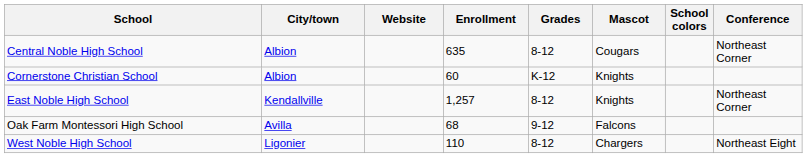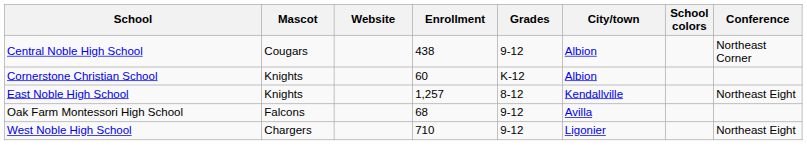 <table class="wikitable sortable" width="70%">
 <tr>
 <th width="20%">School</th>
-<th width="08%">City/town</th>
+<th width="04%">Mascot</th>
 <th width="06%">Website</th>
 <th width="04%">Enrollment</th>
 <th width="04%">Grades</th>
-<th width="04%">Mascot</th>
+<th width="08%">City/town</th>
 <th width=01%>School colors</th>
 <th width="04%">Conference</th>
 </tr>
 <tr>
 <td><a href='#'>Central Noble High School</a></td>
+<td>Cougars</td>
+<td></td>
+<td>438</td>
+<td>9-12</td>
 <td><a href='#'>Albion</a></td>
-<td></td>
-<td>635</td>
-<td>8-12</td>
-<td>Cougars</td>
 <td> </td>
 <td>Northeast Corner</td>
 </tr>
 <tr>
 <td><a href='#'>Cornerstone Christian School</a></td>
-<td><a href='#'>Albion</a></td>
+<td>Knights</td>
 <td></td>
 <td>60</td>
 <td>K-12</td>
-<td>Knights</td>
+<td><a href='#'>Albion</a></td>
 <td></td>
 <td></td>
 </tr>
 <tr>
 <td><a href='#'>East Noble High School</a></td>
-<td><a href='#'>Kendallville</a></td>
+<td>Knights</td>
 <td></td>
 <td>1,257</td>
 <td>8-12</td>
-<td>Knights</td>
+<td><a href='#'>Kendallville</a></td>
 <td>  </td>
-<td>Northeast Corner</td>
+<td>Northeast Eight</td>
 </tr>
 <tr>
 <td>Oak Farm Montessori High School</td>
-<td><a href='#'>Avilla</a></td>
+<td>Falcons</td>
 <td></td>
 <td>68</td>
 <td>9-12</td>
-<td>Falcons</td>
+<td><a href='#'>Avilla</a></td>
 <td>  </td>
 <td></td>
 </tr>
 <tr>
 <td><a href='#'>West Noble High School</a></td>
+<td>Chargers</td>
+<td></td>
+<td>710</td>
+<td>9-12</td>
 <td><a href='#'>Ligonier</a></td>
-<td></td>
-<td>110</td>
-<td>8-12</td>
-<td>Chargers</td>
 <td>  </td>
 <td>Northeast Eight</td>
 </tr>
 </table>
